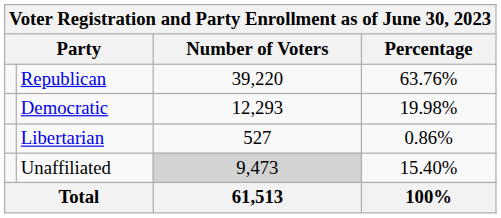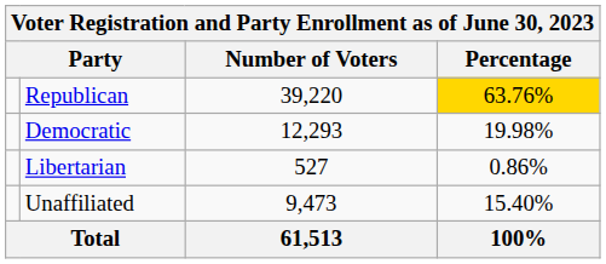 <table class=wikitable>
 <tr>
 <th colspan = 6>Voter Registration and Party Enrollment as of June 30, 2023</th>
 </tr>
 <tr>
 <th colspan = 2>Party</th>
 <th>Number of Voters</th>
 <th>Percentage</th>
 </tr>
 <tr>
 <td></td>
 <td><a href='#'>Republican</a></td>
 <td align = center>39,220</td>
-<td align = center>63.76%</td>
+<td align = center style="background: gold;">63.76%</td>
 </tr>
 <tr>
 <td></td>
 <td><a href='#'>Democratic</a></td>
 <td align = center>12,293</td>
 <td align = center>19.98%</td>
 </tr>
 <tr>
 <td></td>
 <td><a href='#'>Libertarian</a></td>
 <td align = center>527</td>
 <td align = center>0.86%</td>
 </tr>
 <tr>
 <td></td>
 <td>Unaffiliated</td>
-<td align = center style="background: lightgrey;">9,473</td>
+<td align = center>9,473</td>
 <td align = center>15.40%</td>
 </tr>
 <tr>
 <th colspan = 2>Total</th>
 <th align = center>61,513</th>
 <th align = center>100%</th>
 </tr>
 </table>
